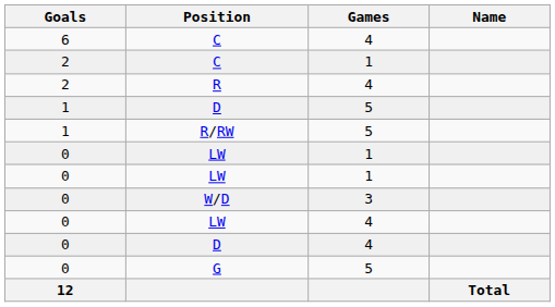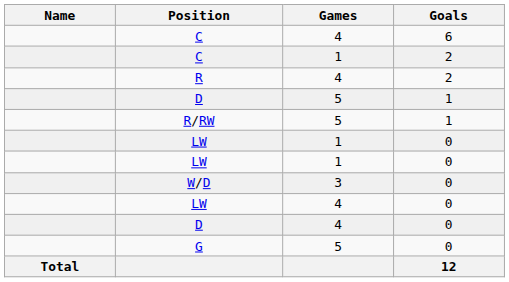 <table class="wikitable sortable" width ="40%">
 <tr align="center">
-<th><strong>Goals</strong></th>
+<th><strong>Name</strong></th>
 <th><strong>Position</strong></th>
 <th><strong>Games</strong></th>
-<th><strong>Name</strong></th>
+<th><strong>Goals</strong></th>
 </tr>
 <tr align="center" bgcolor="">
-<td>6</td>
+<td></td>
 <td><a href='#'>C</a></td>
 <td>4</td>
-<td></td>
+<td>6</td>
 </tr>
 <tr align="center" bgcolor="f0f0f0">
-<td>2</td>
+<td></td>
 <td><a href='#'>C</a></td>
 <td>1</td>
-<td></td>
+<td>2</td>
 </tr>
 <tr align="center" bgcolor="">
-<td>2</td>
+<td></td>
 <td><a href='#'>R</a></td>
 <td>4</td>
-<td></td>
+<td>2</td>
 </tr>
 <tr align="center" bgcolor="f0f0f0">
-<td>1</td>
+<td></td>
 <td><a href='#'>D</a></td>
 <td>5</td>
-<td></td>
+<td>1</td>
 </tr>
 <tr align="center" bgcolor="">
-<td>1</td>
+<td></td>
 <td><a href='#'>R</a>/<a href='#'>RW</a></td>
 <td>5</td>
-<td></td>
+<td>1</td>
 </tr>
 <tr align="center" bgcolor="f0f0f0">
-<td>0</td>
+<td></td>
 <td><a href='#'>LW</a></td>
 <td>1</td>
-<td></td>
+<td>0</td>
 </tr>
 <tr align="center" bgcolor="">
-<td>0</td>
+<td></td>
 <td><a href='#'>LW</a></td>
 <td>1</td>
-<td></td>
+<td>0</td>
 </tr>
 <tr align="center" bgcolor="f0f0f0">
-<td>0</td>
+<td></td>
 <td><a href='#'>W</a>/<a href='#'>D</a></td>
 <td>3</td>
-<td></td>
+<td>0</td>
 </tr>
 <tr align="center" bgcolor="">
-<td>0</td>
+<td></td>
 <td><a href='#'>LW</a></td>
 <td>4</td>
-<td></td>
+<td>0</td>
 </tr>
 <tr align="center" bgcolor="f0f0f0">
-<td>0</td>
+<td></td>
 <td><a href='#'>D</a></td>
 <td>4</td>
-<td></td>
+<td>0</td>
 </tr>
 <tr align="center" bgcolor="">
-<td>0</td>
+<td></td>
 <td><a href='#'>G</a></td>
 <td>5</td>
-<td></td>
+<td>0</td>
 </tr>
 <tr>
-<th>12</th>
+<th>Total</th>
 <th></th>
 <th></th>
-<th>Total</th>
+<th>12</th>
 </tr>
 </table>
